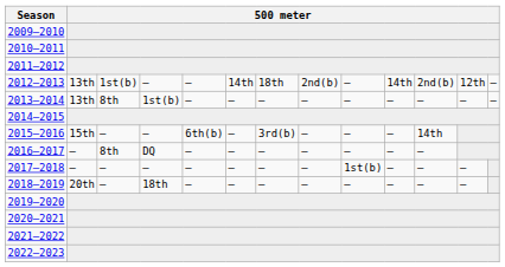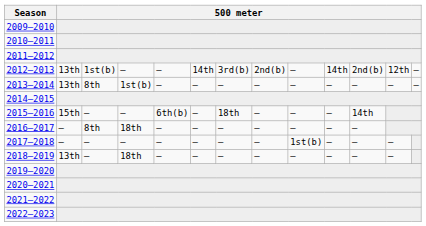 <table class="wikitable" style="display: inline-table;">
 <tr>
 <th>Season</th>
 <th colspan="12">500 meter</th>
 </tr>
 <tr>
 <td><a href='#'>2009–2010</a></td>
 <td colspan="12" bgcolor=#EEEEEE></td>
 </tr>
 <tr>
 <td><a href='#'>2010–2011</a></td>
 <td colspan="12" bgcolor=#EEEEEE></td>
 </tr>
 <tr>
 <td><a href='#'>2011–2012</a></td>
 <td colspan="12" bgcolor=#EEEEEE></td>
 </tr>
 <tr>
 <td><a href='#'>2012–2013</a></td>
 <td>13th</td>
 <td>1st(b)</td>
 <td>–</td>
 <td>–</td>
 <td>14th</td>
-<td>18th</td>
+<td>3rd(b)</td>
 <td>2nd(b)</td>
 <td>–</td>
 <td>14th</td>
 <td>2nd(b)</td>
 <td>12th</td>
 <td>–</td>
 </tr>
 <tr>
 <td><a href='#'>2013–2014</a></td>
 <td>13th</td>
 <td>8th</td>
 <td>1st(b)</td>
 <td>–</td>
 <td>–</td>
 <td>–</td>
 <td>–</td>
 <td>–</td>
 <td>–</td>
 <td>–</td>
 <td>–</td>
 <td>–</td>
 </tr>
 <tr>
 <td><a href='#'>2014–2015</a></td>
 <td colspan="12" bgcolor=#EEEEEE></td>
 </tr>
 <tr>
 <td><a href='#'>2015–2016</a></td>
 <td>15th</td>
 <td>–</td>
 <td>–</td>
 <td>6th(b)</td>
 <td>–</td>
-<td>3rd(b)</td>
+<td>18th</td>
 <td>–</td>
 <td>–</td>
 <td>–</td>
 <td>14th</td>
 <td colspan="2" bgcolor=#EEEEEE></td>
 </tr>
 <tr>
 <td><a href='#'>2016–2017</a></td>
 <td>–</td>
 <td>8th</td>
-<td>DQ</td>
+<td>18th</td>
 <td>–</td>
 <td>–</td>
 <td>–</td>
 <td>–</td>
 <td>–</td>
 <td>–</td>
 <td>–</td>
 <td colspan="2" bgcolor=#EEEEEE></td>
 </tr>
 <tr>
 <td><a href='#'>2017–2018</a></td>
 <td>–</td>
 <td>–</td>
 <td>–</td>
 <td>–</td>
 <td>–</td>
 <td>–</td>
 <td>–</td>
 <td>1st(b)</td>
 <td>–</td>
 <td>–</td>
 <td>–</td>
 <td colspan="1" bgcolor=#EEEEEE></td>
 </tr>
 <tr>
 <td><a href='#'>2018–2019</a></td>
-<td>20th</td>
+<td>13th</td>
 <td>–</td>
 <td>18th</td>
 <td>–</td>
 <td>–</td>
 <td>–</td>
 <td>–</td>
 <td>–</td>
 <td>–</td>
 <td>–</td>
 <td>–</td>
 <td colspan="1" bgcolor=#EEEEEE></td>
 </tr>
 <tr>
 <td><a href='#'>2019–2020</a></td>
 <td colspan="12" bgcolor=#EEEEEE></td>
 </tr>
 <tr>
 <td><a href='#'>2020–2021</a></td>
 <td colspan="12" bgcolor=#EEEEEE></td>
 </tr>
 <tr>
 <td><a href='#'>2021–2022</a></td>
 <td colspan="12" bgcolor=#EEEEEE></td>
 </tr>
 <tr>
 <td><a href='#'>2022–2023</a></td>
 <td colspan="12" bgcolor=#EEEEEE></td>
 </tr>
 </table>
